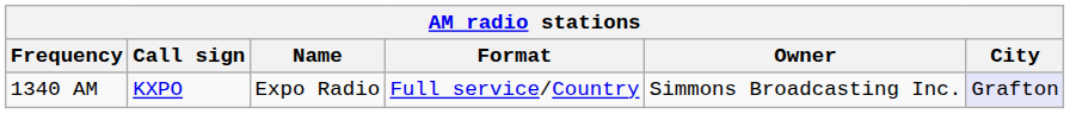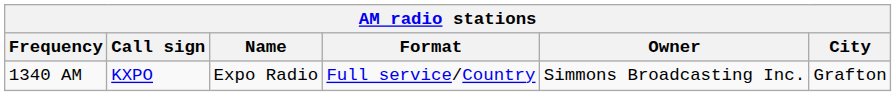 <table class="wikitable">
 <tr>
 <th style="text-align:center;" colspan="6"><strong><a href='#'>AM radio</a> stations</strong></th>
 </tr>
 <tr>
 <th>Frequency</th>
 <th>Call sign</th>
 <th>Name</th>
 <th>Format</th>
 <th>Owner</th>
 <th>City</th>
 </tr>
 <tr>
 <td>1340 AM</td>
 <td><a href='#'>KXPO</a></td>
 <td>Expo Radio</td>
 <td><a href='#'>Full service</a>/<a href='#'>Country</a></td>
 <td>Simmons Broadcasting Inc.</td>
-<td style="background: lavender;">Grafton</td>
+<td>Grafton</td>
 </tr>
 </table>
